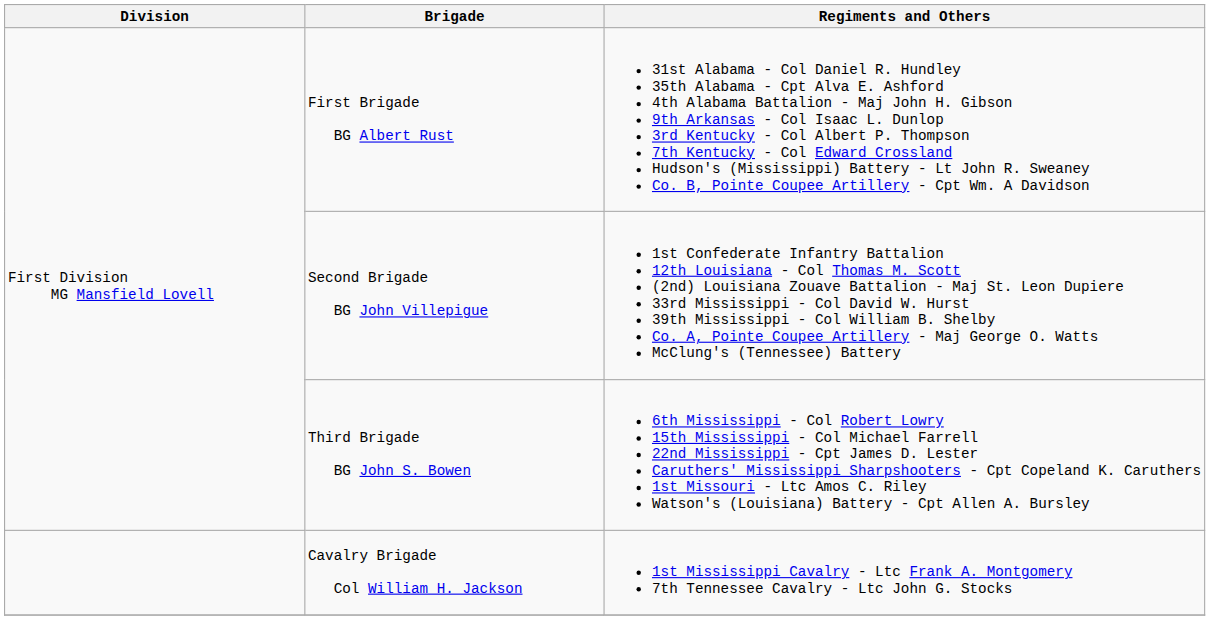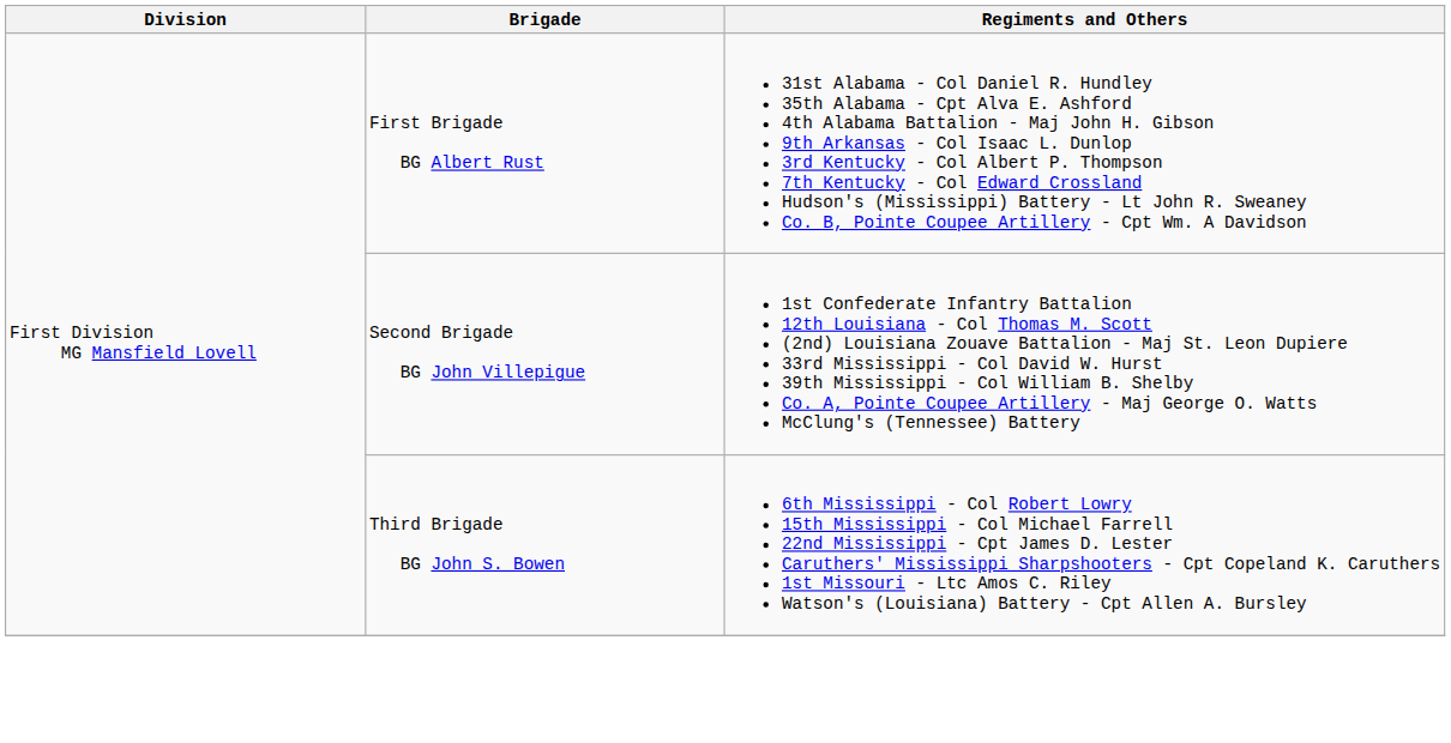 <table class="wikitable">
 <tr>
 <th width=25%>Division</th>
 <th width=25%>Brigade</th>
 <th>Regiments and Others</th>
 </tr>
 <tr>
 <td rowspan=3><br>First Division <br>     MG <a href='#'>Mansfield Lovell</a></td>
 <td>First Brigade<br><br>   BG <a href='#'>Albert Rust</a></td>
 <td><br><ul><li>31st Alabama - Col Daniel R. Hundley</li><li>35th Alabama - Cpt Alva E. Ashford</li><li>4th Alabama Battalion - Maj John H. Gibson</li><li><a href='#'>9th Arkansas</a> - Col Isaac L. Dunlop</li><li><a href='#'>3rd Kentucky</a> - Col Albert P. Thompson</li><li><a href='#'>7th Kentucky</a> - Col <a href='#'>Edward Crossland</a></li><li>Hudson's (Mississippi) Battery - Lt John R. Sweaney</li><li><a href='#'>Co. B, Pointe Coupee Artillery</a> - Cpt Wm. A Davidson</li></ul></td>
 </tr>
 <tr>
 <td>Second Brigade<br><br>   BG <a href='#'>John Villepigue</a></td>
 <td><br><ul><li>1st Confederate Infantry Battalion</li><li><a href='#'>12th Louisiana</a> - Col <a href='#'>Thomas M. Scott</a></li><li>(2nd) Louisiana Zouave Battalion - Maj St. Leon Dupiere</li><li>33rd Mississippi - Col David W. Hurst</li><li>39th Mississippi - Col William B. Shelby</li><li><a href='#'>Co. A, Pointe Coupee Artillery</a> - Maj George O. Watts</li><li>McClung's (Tennessee) Battery</li></ul></td>
 </tr>
 <tr>
 <td>Third Brigade<br><br>   BG <a href='#'>John S. Bowen</a></td>
 <td><br><ul><li><a href='#'>6th Mississippi</a> - Col <a href='#'>Robert Lowry</a></li><li><a href='#'>15th Mississippi</a> - Col Michael Farrell</li><li><a href='#'>22nd Mississippi</a> - Cpt James D. Lester</li><li><a href='#'>Caruthers' Mississippi Sharpshooters</a> - Cpt Copeland K. Caruthers</li><li><a href='#'>1st Missouri</a> - Ltc Amos C. Riley</li><li>Watson's (Louisiana) Battery - Cpt Allen A. Bursley</li></ul></td>
 </tr>
 <tr>
-<td></td>
-<td>Cavalry Brigade<br><br>   Col <a href='#'>William H. Jackson</a></td>
-<td><br><ul><li><a href='#'>1st Mississippi Cavalry</a> - Ltc <a href='#'>Frank A. Montgomery</a></li><li>7th Tennessee Cavalry - Ltc John G. Stocks</li></ul></td>
-</tr>
-<tr>
 </tr>
 </table>
